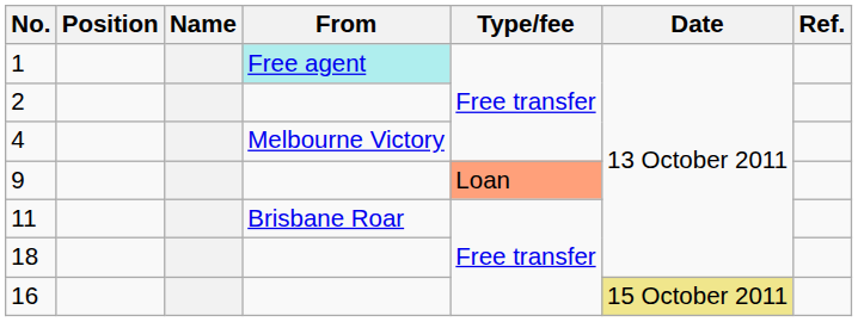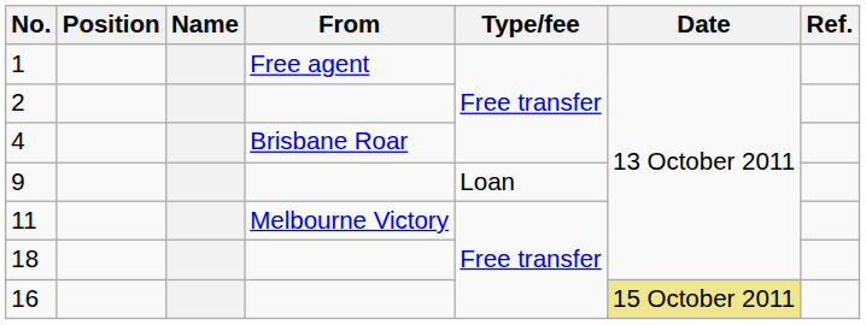 <table class="wikitable plainrowheaders sortable" style="text-align:center; text-align:left">
 <tr>
 <th>No.</th>
 <th>Position</th>
 <th>Name</th>
 <th>From</th>
 <th>Type/fee</th>
 <th>Date</th>
 <th>Ref.</th>
 </tr>
 <tr>
 <td>1</td>
 <td></td>
 <th scope="row"></th>
-<td style="background: paleturquoise;"><a href='#'>Free agent</a></td>
+<td><a href='#'>Free agent</a></td>
 <td rowspan="3"><a href='#'>Free transfer</a></td>
 <td rowspan="6">13 October 2011</td>
 <td></td>
 </tr>
 <tr>
 <td>2</td>
 <td></td>
 <th scope="row"></th>
 <td></td>
 <td></td>
 </tr>
 <tr>
 <td>4</td>
 <td></td>
 <th scope="row"></th>
-<td><a href='#'>Melbourne Victory</a></td>
+<td><a href='#'>Brisbane Roar</a></td>
 <td></td>
 </tr>
 <tr>
 <td>9</td>
 <td></td>
 <th scope="row"></th>
 <td></td>
-<td style="background: lightsalmon;">Loan</td>
+<td>Loan</td>
 <td></td>
 </tr>
 <tr>
 <td>11</td>
 <td></td>
 <th scope="row"></th>
-<td><a href='#'>Brisbane Roar</a></td>
+<td><a href='#'>Melbourne Victory</a></td>
 <td rowspan="3"><a href='#'>Free transfer</a></td>
 <td></td>
 </tr>
 <tr>
 <td>18</td>
 <td></td>
 <th scope="row"></th>
 <td></td>
 <td></td>
 </tr>
 <tr>
 <td>16</td>
 <td></td>
 <th scope="row"></th>
 <td></td>
 <td style="background: khaki;">15 October 2011</td>
 <td></td>
 </tr>
 </table>
